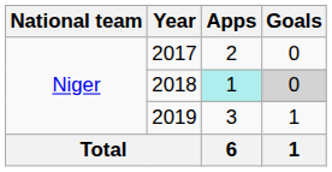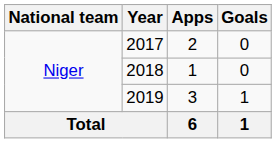 <table class="wikitable" style="text-align:center">
 <tr>
 <th>National team</th>
 <th>Year</th>
 <th>Apps</th>
 <th>Goals</th>
 </tr>
 <tr>
 <td rowspan="3"><a href='#'>Niger</a></td>
 <td>2017</td>
 <td>2</td>
 <td>0</td>
 </tr>
 <tr>
 <td>2018</td>
-<td style="background: paleturquoise;">1</td>
-<td style="background: lightgrey;">0</td>
+<td>1</td>
+<td>0</td>
 </tr>
 <tr>
 <td>2019</td>
 <td>3</td>
 <td>1</td>
 </tr>
 <tr>
 <th colspan=2>Total</th>
 <th>6</th>
 <th>1</th>
 </tr>
 </table>
